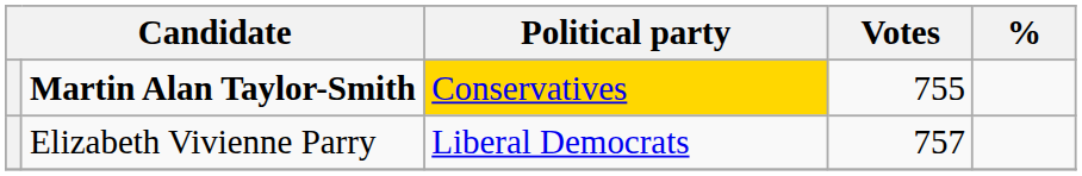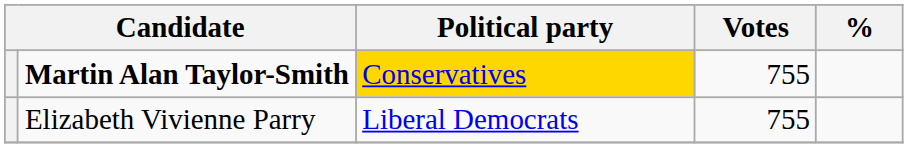 <table class="wikitable">
 <tr>
 <th valign=top colspan="2" style="width: 180px">Candidate</th>
 <th valign=top style="width: 180px">Political party</th>
 <th valign=top style="width: 60px">Votes</th>
 <th valign=top style="width: 40px">%</th>
 </tr>
 <tr>
 <th style="background-color: "></th>
 <td><strong>Martin Alan Taylor-Smith</strong></td>
 <td style="background: gold;"><a href='#'>Conservatives</a></td>
 <td align="right">755</td>
 <td align="right"></td>
 </tr>
 <tr>
 <th style="background-color: "></th>
 <td>Elizabeth Vivienne Parry</td>
 <td><a href='#'>Liberal Democrats</a></td>
-<td align="right">757</td>
+<td align="right">755</td>
 <td align="right"></td>
 </tr>
 <tr>
 </tr>
 </table>
